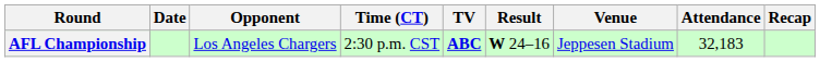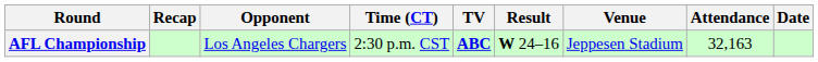 <table class="wikitable" style="text-align:center">
 <tr>
 <th>Round</th>
-<th>Date</th>
+<th>Recap</th>
 <th>Opponent</th>
 <th>Time (<a href='#'><span>CT</span></a>)</th>
 <th>TV</th>
 <th>Result</th>
 <th>Venue</th>
 <th>Attendance</th>
-<th>Recap</th>
+<th>Date</th>
 </tr>
 <tr style="background:#cfc">
 <th><a href='#'>AFL Championship</a></th>
 <td></td>
 <td><a href='#'>Los Angeles Chargers</a></td>
 <td>2:30 p.m. <a href='#'>CST</a></td>
 <td><strong><a href='#'>ABC</a></strong></td>
 <td><strong>W</strong> 24–16</td>
 <td><a href='#'>Jeppesen Stadium</a></td>
-<td>32,183</td>
+<td>32,163</td>
 <td></td>
 </tr>
 </table>
